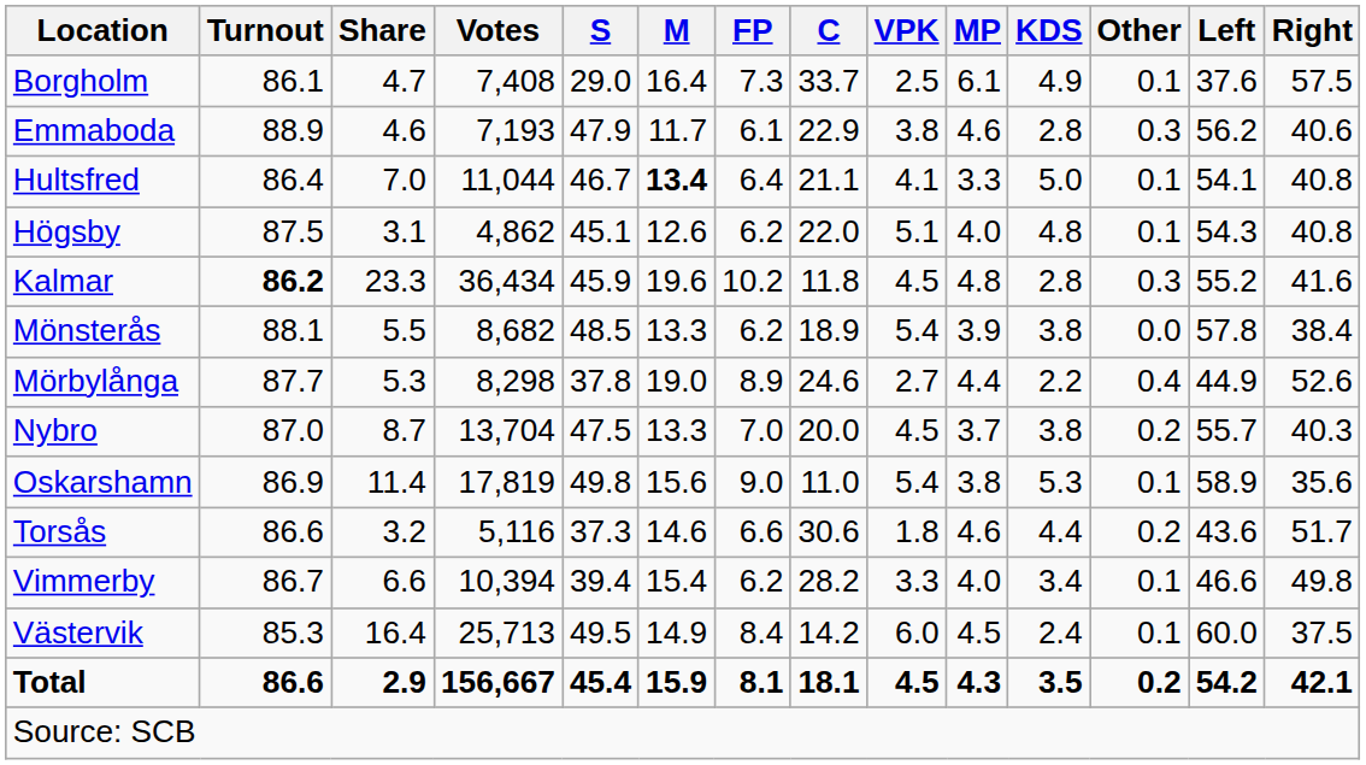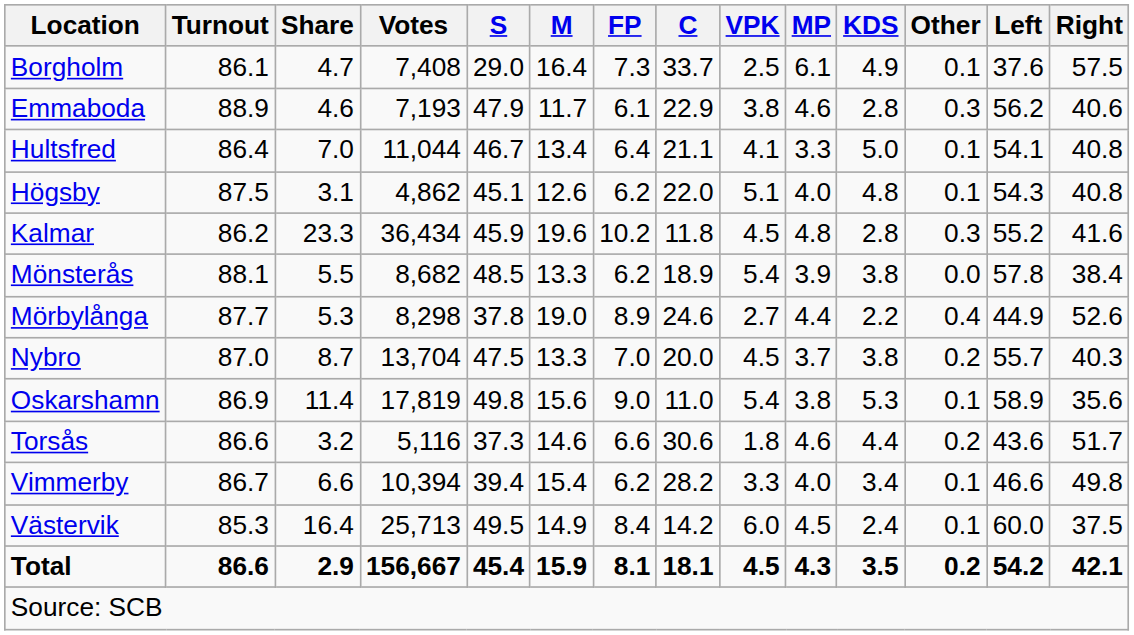 <table class="wikitable sortable" style=text-align:right>
 <tr>
 <th>Location</th>
 <th>Turnout</th>
 <th>Share</th>
 <th>Votes</th>
 <th><a href='#'>S</a></th>
 <th><a href='#'>M</a></th>
 <th><a href='#'>FP</a></th>
 <th><a href='#'>C</a></th>
 <th><a href='#'>VPK</a></th>
 <th><a href='#'>MP</a></th>
 <th><a href='#'>KDS</a></th>
 <th>Other</th>
 <th>Left</th>
 <th>Right</th>
 </tr>
 <tr>
 <td align=left><a href='#'>Borgholm</a></td>
 <td>86.1</td>
 <td>4.7</td>
 <td>7,408</td>
 <td>29.0</td>
 <td>16.4</td>
 <td>7.3</td>
 <td>33.7</td>
 <td>2.5</td>
 <td>6.1</td>
 <td>4.9</td>
 <td>0.1</td>
 <td>37.6</td>
 <td>57.5</td>
 </tr>
 <tr>
 <td align=left><a href='#'>Emmaboda</a></td>
 <td>88.9</td>
 <td>4.6</td>
 <td>7,193</td>
 <td>47.9</td>
 <td>11.7</td>
 <td>6.1</td>
 <td>22.9</td>
 <td>3.8</td>
 <td>4.6</td>
 <td>2.8</td>
 <td>0.3</td>
 <td>56.2</td>
 <td>40.6</td>
 </tr>
 <tr>
 <td align=left><a href='#'>Hultsfred</a></td>
 <td>86.4</td>
 <td>7.0</td>
 <td>11,044</td>
 <td>46.7</td>
-<td><strong>13.4</strong></td>
+<td>13.4</td>
 <td>6.4</td>
 <td>21.1</td>
 <td>4.1</td>
 <td>3.3</td>
 <td>5.0</td>
 <td>0.1</td>
 <td>54.1</td>
 <td>40.8</td>
 </tr>
 <tr>
 <td align=left><a href='#'>Högsby</a></td>
 <td>87.5</td>
 <td>3.1</td>
 <td>4,862</td>
 <td>45.1</td>
 <td>12.6</td>
 <td>6.2</td>
 <td>22.0</td>
 <td>5.1</td>
 <td>4.0</td>
 <td>4.8</td>
 <td>0.1</td>
 <td>54.3</td>
 <td>40.8</td>
 </tr>
 <tr>
 <td align=left><a href='#'>Kalmar</a></td>
-<td><strong>86.2</strong></td>
+<td>86.2</td>
 <td>23.3</td>
 <td>36,434</td>
 <td>45.9</td>
 <td>19.6</td>
 <td>10.2</td>
 <td>11.8</td>
 <td>4.5</td>
 <td>4.8</td>
 <td>2.8</td>
 <td>0.3</td>
 <td>55.2</td>
 <td>41.6</td>
 </tr>
 <tr>
 <td align=left><a href='#'>Mönsterås</a></td>
 <td>88.1</td>
 <td>5.5</td>
 <td>8,682</td>
 <td>48.5</td>
 <td>13.3</td>
 <td>6.2</td>
 <td>18.9</td>
 <td>5.4</td>
 <td>3.9</td>
 <td>3.8</td>
 <td>0.0</td>
 <td>57.8</td>
 <td>38.4</td>
 </tr>
 <tr>
 <td align=left><a href='#'>Mörbylånga</a></td>
 <td>87.7</td>
 <td>5.3</td>
 <td>8,298</td>
 <td>37.8</td>
 <td>19.0</td>
 <td>8.9</td>
 <td>24.6</td>
 <td>2.7</td>
 <td>4.4</td>
 <td>2.2</td>
 <td>0.4</td>
 <td>44.9</td>
 <td>52.6</td>
 </tr>
 <tr>
 <td align=left><a href='#'>Nybro</a></td>
 <td>87.0</td>
 <td>8.7</td>
 <td>13,704</td>
 <td>47.5</td>
 <td>13.3</td>
 <td>7.0</td>
 <td>20.0</td>
 <td>4.5</td>
 <td>3.7</td>
 <td>3.8</td>
 <td>0.2</td>
 <td>55.7</td>
 <td>40.3</td>
 </tr>
 <tr>
 <td align=left><a href='#'>Oskarshamn</a></td>
 <td>86.9</td>
 <td>11.4</td>
 <td>17,819</td>
 <td>49.8</td>
 <td>15.6</td>
 <td>9.0</td>
 <td>11.0</td>
 <td>5.4</td>
 <td>3.8</td>
 <td>5.3</td>
 <td>0.1</td>
 <td>58.9</td>
 <td>35.6</td>
 </tr>
 <tr>
 <td align=left><a href='#'>Torsås</a></td>
 <td>86.6</td>
 <td>3.2</td>
 <td>5,116</td>
 <td>37.3</td>
 <td>14.6</td>
 <td>6.6</td>
 <td>30.6</td>
 <td>1.8</td>
 <td>4.6</td>
 <td>4.4</td>
 <td>0.2</td>
 <td>43.6</td>
 <td>51.7</td>
 </tr>
 <tr>
 <td align=left><a href='#'>Vimmerby</a></td>
 <td>86.7</td>
 <td>6.6</td>
 <td>10,394</td>
 <td>39.4</td>
 <td>15.4</td>
 <td>6.2</td>
 <td>28.2</td>
 <td>3.3</td>
 <td>4.0</td>
 <td>3.4</td>
 <td>0.1</td>
 <td>46.6</td>
 <td>49.8</td>
 </tr>
 <tr>
 <td align=left><a href='#'>Västervik</a></td>
 <td>85.3</td>
 <td>16.4</td>
 <td>25,713</td>
 <td>49.5</td>
 <td>14.9</td>
 <td>8.4</td>
 <td>14.2</td>
 <td>6.0</td>
 <td>4.5</td>
 <td>2.4</td>
 <td>0.1</td>
 <td>60.0</td>
 <td>37.5</td>
 </tr>
 <tr>
 <td align=left><strong>Total</strong></td>
 <td><strong>86.6</strong></td>
 <td><strong>2.9</strong></td>
 <td><strong>156,667</strong></td>
 <td><strong>45.4</strong></td>
 <td><strong>15.9</strong></td>
 <td><strong>8.1</strong></td>
 <td><strong>18.1</strong></td>
 <td><strong>4.5</strong></td>
 <td><strong>4.3</strong></td>
 <td><strong>3.5</strong></td>
 <td><strong>0.2</strong></td>
 <td><strong>54.2</strong></td>
 <td><strong>42.1</strong></td>
 </tr>
 <tr>
 <td align=left colspan=14>Source: SCB </td>
 </tr>
 </table>
